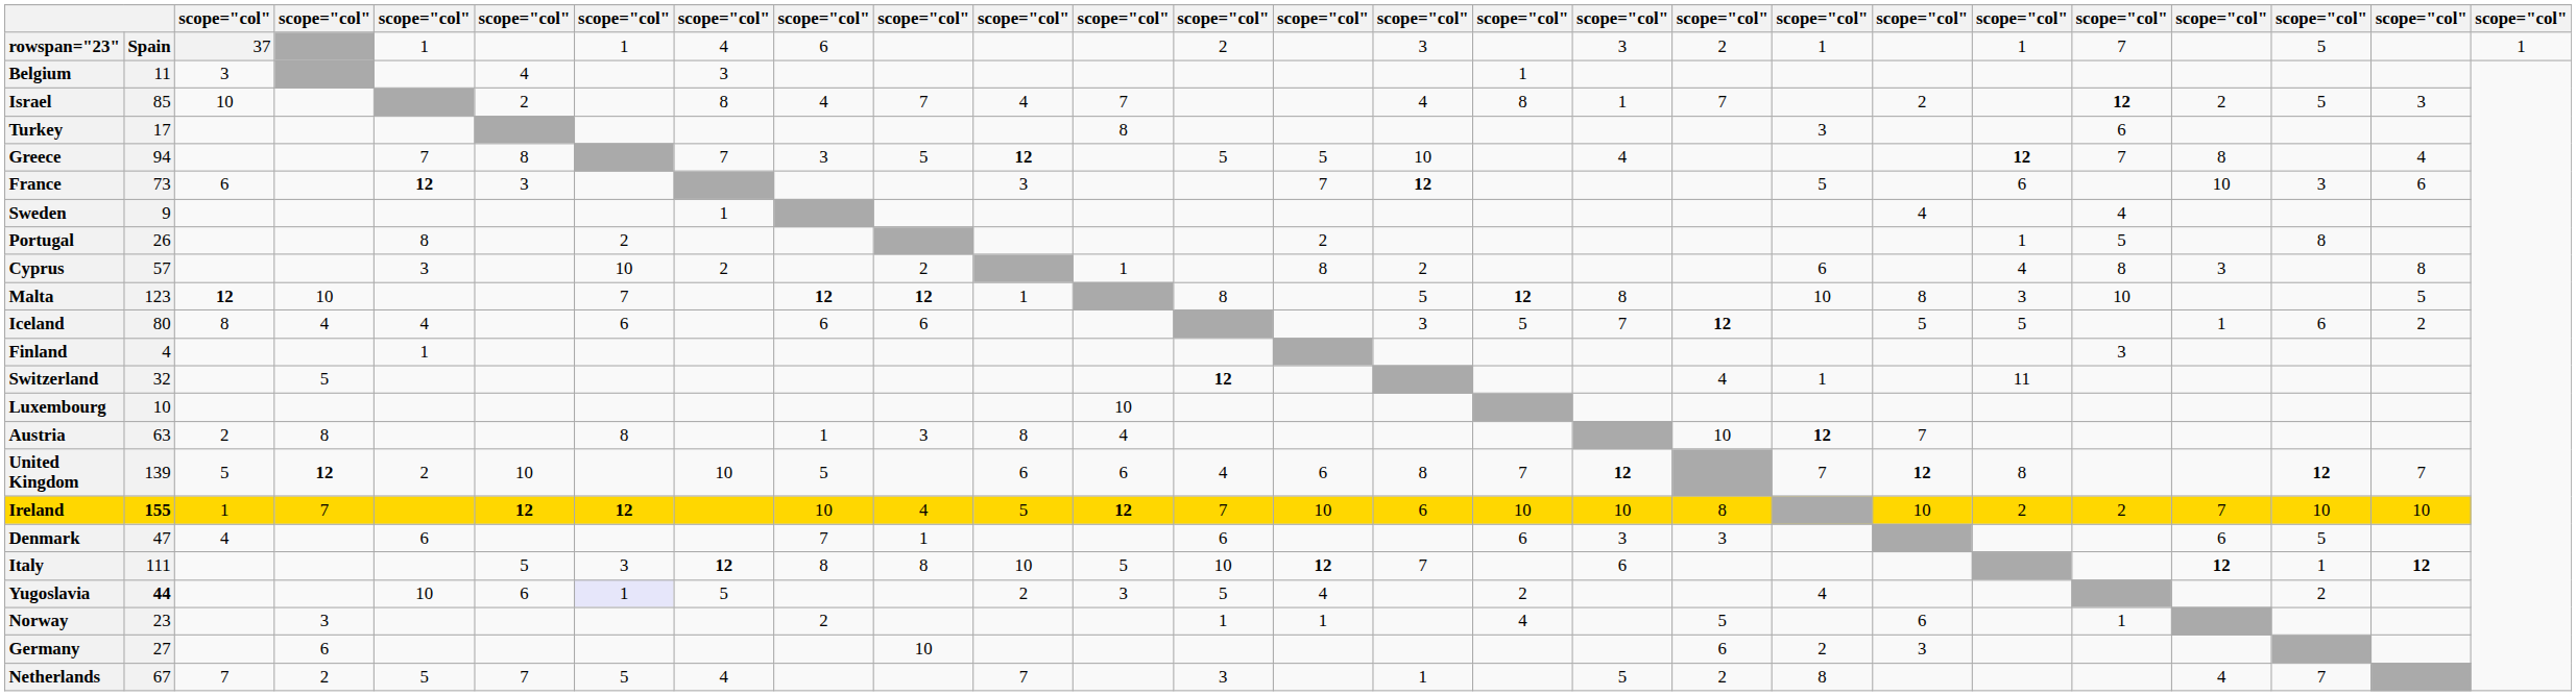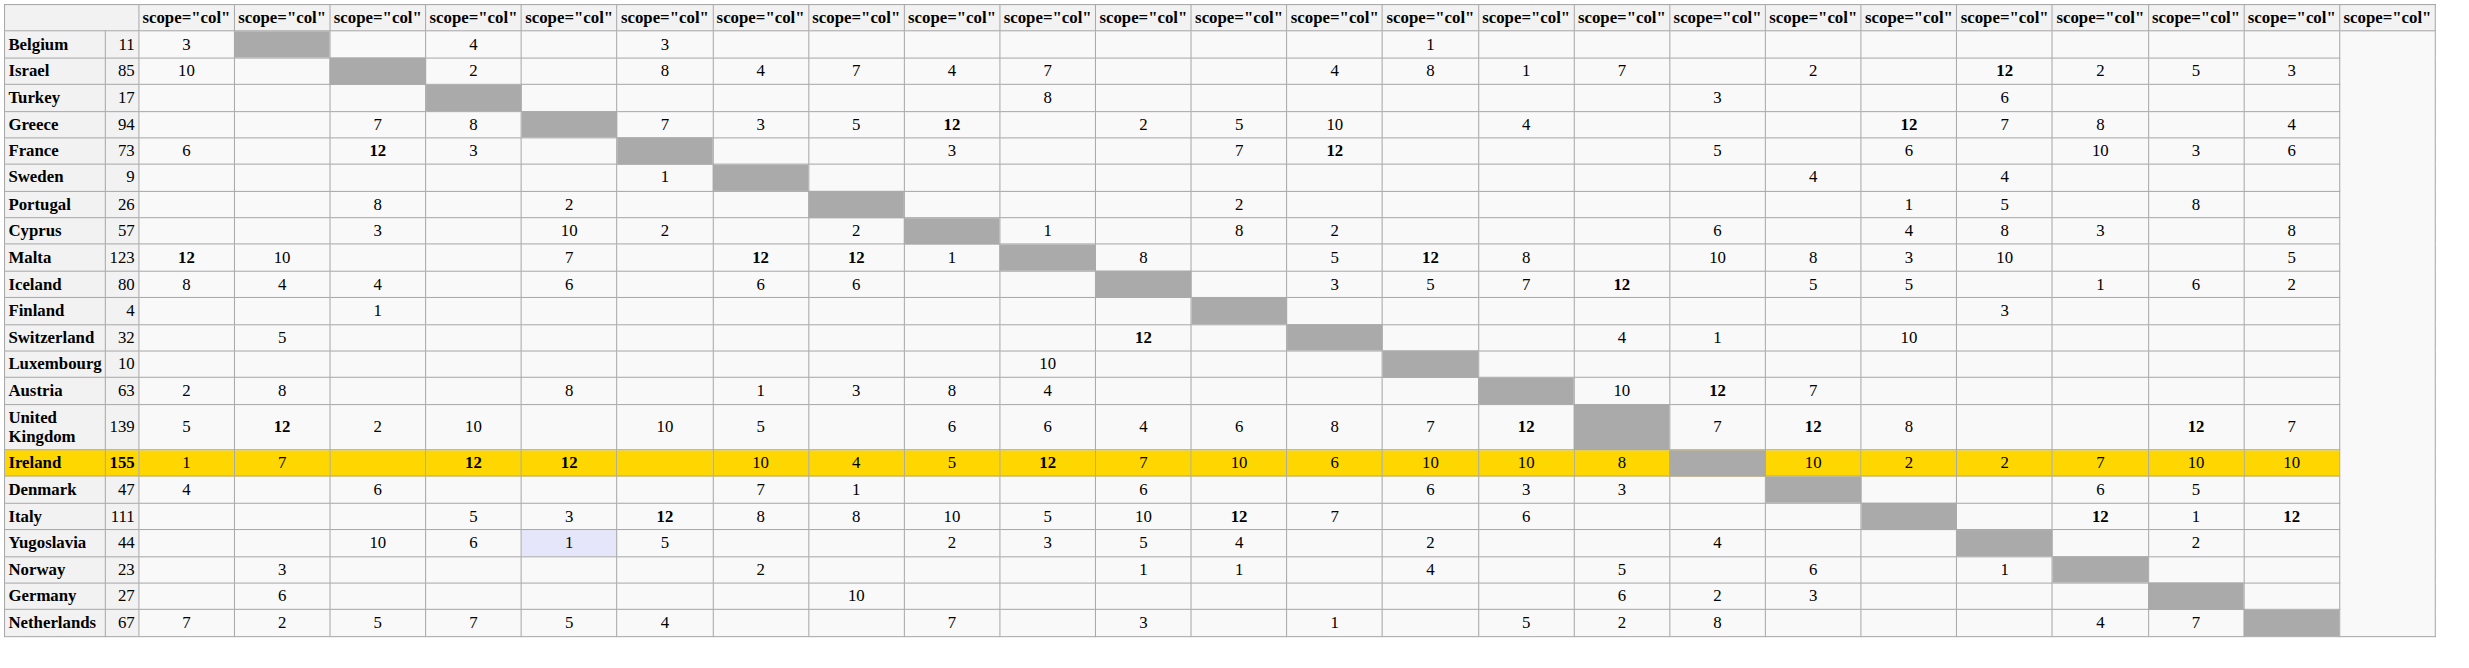 <table class="wikitable plainrowheaders" style="text-align:center;">
 <tr>
 </tr>
 <tr>
 <th colspan="2"></th>
 <th>scope="col" </th>
 <th>scope="col" </th>
 <th>scope="col" </th>
 <th>scope="col" </th>
 <th>scope="col" </th>
 <th>scope="col" </th>
 <th>scope="col" </th>
 <th>scope="col" </th>
 <th>scope="col" </th>
 <th>scope="col" </th>
 <th>scope="col" </th>
 <th>scope="col" </th>
 <th>scope="col" </th>
 <th>scope="col" </th>
 <th>scope="col" </th>
 <th>scope="col" </th>
 <th>scope="col" </th>
 <th>scope="col" </th>
 <th>scope="col" </th>
 <th>scope="col" </th>
 <th>scope="col" </th>
 <th>scope="col" </th>
 <th>scope="col" </th>
 <th>scope="col" </th>
-</tr>
-<tr>
-<th>rowspan="23" </th>
-<th scope="row" style="text-align:left; background:#f2f2f2;">Spain</th>
-<td style="text-align:right; background:#f2f2f2;">37</td>
-<td style="text-align:left; background:#aaa;"></td>
-<td>1</td>
-<td></td>
-<td>1</td>
-<td>4</td>
-<td>6</td>
-<td></td>
-<td></td>
-<td></td>
-<td>2</td>
-<td></td>
-<td>3</td>
-<td></td>
-<td>3</td>
-<td>2</td>
-<td>1</td>
-<td></td>
-<td>1</td>
-<td>7</td>
-<td></td>
-<td>5</td>
-<td></td>
-<td>1</td>
 </tr>
 <tr>
 <th scope="row" style="text-align:left; background:#f2f2f2;">Belgium</th>
 <td style="text-align:right; background:#f2f2f2;">11</td>
 <td>3</td>
 <td style="text-align:left; background:#aaa;"></td>
 <td></td>
 <td>4</td>
 <td></td>
 <td>3</td>
 <td></td>
 <td></td>
 <td></td>
 <td></td>
 <td></td>
 <td></td>
 <td></td>
 <td>1</td>
 <td></td>
 <td></td>
 <td></td>
 <td></td>
 <td></td>
 <td></td>
 <td></td>
 <td></td>
 <td></td>
 </tr>
 <tr>
 <th scope="row" style="text-align:left; background:#f2f2f2;">Israel</th>
 <td style="text-align:right; background:#f2f2f2;">85</td>
 <td>10</td>
 <td></td>
 <td style="text-align:left; background:#aaa;"></td>
 <td>2</td>
 <td></td>
 <td>8</td>
 <td>4</td>
 <td>7</td>
 <td>4</td>
 <td>7</td>
 <td></td>
 <td></td>
 <td>4</td>
 <td>8</td>
 <td>1</td>
 <td>7</td>
 <td></td>
 <td>2</td>
 <td></td>
 <td><strong>12</strong></td>
 <td>2</td>
 <td>5</td>
 <td>3</td>
 </tr>
 <tr>
 <th scope="row" style="text-align:left; background:#f2f2f2;">Turkey</th>
 <td style="text-align:right; background:#f2f2f2;">17</td>
 <td></td>
 <td></td>
 <td></td>
 <td style="text-align:left; background:#aaa;"></td>
 <td></td>
 <td></td>
 <td></td>
 <td></td>
 <td></td>
 <td>8</td>
 <td></td>
 <td></td>
 <td></td>
 <td></td>
 <td></td>
 <td></td>
 <td>3</td>
 <td></td>
 <td></td>
 <td>6</td>
 <td></td>
 <td></td>
 <td></td>
 </tr>
 <tr>
 <th scope="row" style="text-align:left; background:#f2f2f2;">Greece</th>
 <td style="text-align:right; background:#f2f2f2;">94</td>
 <td></td>
 <td></td>
 <td>7</td>
 <td>8</td>
 <td style="text-align:left; background:#aaa;"></td>
 <td>7</td>
 <td>3</td>
 <td>5</td>
 <td><strong>12</strong></td>
 <td></td>
-<td>5</td>
+<td>2</td>
 <td>5</td>
 <td>10</td>
 <td></td>
 <td>4</td>
 <td></td>
 <td></td>
 <td></td>
 <td><strong>12</strong></td>
 <td>7</td>
 <td>8</td>
 <td></td>
 <td>4</td>
 </tr>
 <tr>
 <th scope="row" style="text-align:left; background:#f2f2f2;">France</th>
 <td style="text-align:right; background:#f2f2f2;">73</td>
 <td>6</td>
 <td></td>
 <td><strong>12</strong></td>
 <td>3</td>
 <td></td>
 <td style="text-align:left; background:#aaa;"></td>
 <td></td>
 <td></td>
 <td>3</td>
 <td></td>
 <td></td>
 <td>7</td>
 <td><strong>12</strong></td>
 <td></td>
 <td></td>
 <td></td>
 <td>5</td>
 <td></td>
 <td>6</td>
 <td></td>
 <td>10</td>
 <td>3</td>
 <td>6</td>
 </tr>
 <tr>
 <th scope="row" style="text-align:left; background:#f2f2f2;">Sweden</th>
 <td style="text-align:right; background:#f2f2f2;">9</td>
 <td></td>
 <td></td>
 <td></td>
 <td></td>
 <td></td>
 <td>1</td>
 <td style="text-align:left; background:#aaa;"></td>
 <td></td>
 <td></td>
 <td></td>
 <td></td>
 <td></td>
 <td></td>
 <td></td>
 <td></td>
 <td></td>
 <td></td>
 <td>4</td>
 <td></td>
 <td>4</td>
 <td></td>
 <td></td>
 <td></td>
 </tr>
 <tr>
 <th scope="row" style="text-align:left; background:#f2f2f2;">Portugal</th>
 <td style="text-align:right; background:#f2f2f2;">26</td>
 <td></td>
 <td></td>
 <td>8</td>
 <td></td>
 <td>2</td>
 <td></td>
 <td></td>
 <td style="text-align:left; background:#aaa;"></td>
 <td></td>
 <td></td>
 <td></td>
 <td>2</td>
 <td></td>
 <td></td>
 <td></td>
 <td></td>
 <td></td>
 <td></td>
 <td>1</td>
 <td>5</td>
 <td></td>
 <td>8</td>
 <td></td>
 </tr>
 <tr>
 <th scope="row" style="text-align:left; background:#f2f2f2;">Cyprus</th>
 <td style="text-align:right; background:#f2f2f2;">57</td>
 <td></td>
 <td></td>
 <td>3</td>
 <td></td>
 <td>10</td>
 <td>2</td>
 <td></td>
 <td>2</td>
 <td style="text-align:left; background:#aaa;"></td>
 <td>1</td>
 <td></td>
 <td>8</td>
 <td>2</td>
 <td></td>
 <td></td>
 <td></td>
 <td>6</td>
 <td></td>
 <td>4</td>
 <td>8</td>
 <td>3</td>
 <td></td>
 <td>8</td>
 </tr>
 <tr>
 <th scope="row" style="text-align:left; background:#f2f2f2;">Malta</th>
 <td style="text-align:right; background:#f2f2f2;">123</td>
 <td><strong>12</strong></td>
 <td>10</td>
 <td></td>
 <td></td>
 <td>7</td>
 <td></td>
 <td><strong>12</strong></td>
 <td><strong>12</strong></td>
 <td>1</td>
 <td style="text-align:left; background:#aaa;"></td>
 <td>8</td>
 <td></td>
 <td>5</td>
 <td><strong>12</strong></td>
 <td>8</td>
 <td></td>
 <td>10</td>
 <td>8</td>
 <td>3</td>
 <td>10</td>
 <td></td>
 <td></td>
 <td>5</td>
 </tr>
 <tr>
 <th scope="row" style="text-align:left; background:#f2f2f2;">Iceland</th>
 <td style="text-align:right; background:#f2f2f2;">80</td>
 <td>8</td>
 <td>4</td>
 <td>4</td>
 <td></td>
 <td>6</td>
 <td></td>
 <td>6</td>
 <td>6</td>
 <td></td>
 <td></td>
 <td style="text-align:left; background:#aaa;"></td>
 <td></td>
 <td>3</td>
 <td>5</td>
 <td>7</td>
 <td><strong>12</strong></td>
 <td></td>
 <td>5</td>
 <td>5</td>
 <td></td>
 <td>1</td>
 <td>6</td>
 <td>2</td>
 </tr>
 <tr>
 <th scope="row" style="text-align:left; background:#f2f2f2;">Finland</th>
 <td style="text-align:right; background:#f2f2f2;">4</td>
 <td></td>
 <td></td>
 <td>1</td>
 <td></td>
 <td></td>
 <td></td>
 <td></td>
 <td></td>
 <td></td>
 <td></td>
 <td></td>
 <td style="text-align:left; background:#aaa;"></td>
 <td></td>
 <td></td>
 <td></td>
 <td></td>
 <td></td>
 <td></td>
 <td></td>
 <td>3</td>
 <td></td>
 <td></td>
 <td></td>
 </tr>
 <tr>
 <th scope="row" style="text-align:left; background:#f2f2f2;">Switzerland</th>
 <td style="text-align:right; background:#f2f2f2;">32</td>
 <td></td>
 <td>5</td>
 <td></td>
 <td></td>
 <td></td>
 <td></td>
 <td></td>
 <td></td>
 <td></td>
 <td></td>
 <td><strong>12</strong></td>
 <td></td>
 <td style="text-align:left; background:#aaa;"></td>
 <td></td>
 <td></td>
 <td>4</td>
 <td>1</td>
 <td></td>
-<td>11</td>
+<td>10</td>
 <td></td>
 <td></td>
 <td></td>
 <td></td>
 </tr>
 <tr>
 <th scope="row" style="text-align:left; background:#f2f2f2;">Luxembourg</th>
 <td style="text-align:right; background:#f2f2f2;">10</td>
 <td></td>
 <td></td>
 <td></td>
 <td></td>
 <td></td>
 <td></td>
 <td></td>
 <td></td>
 <td></td>
 <td>10</td>
 <td></td>
 <td></td>
 <td></td>
 <td style="text-align:left; background:#aaa;"></td>
 <td></td>
 <td></td>
 <td></td>
 <td></td>
 <td></td>
 <td></td>
 <td></td>
 <td></td>
 <td></td>
 </tr>
 <tr>
 <th scope="row" style="text-align:left; background:#f2f2f2;">Austria</th>
 <td style="text-align:right; background:#f2f2f2;">63</td>
 <td>2</td>
 <td>8</td>
 <td></td>
 <td></td>
 <td>8</td>
 <td></td>
 <td>1</td>
 <td>3</td>
 <td>8</td>
 <td>4</td>
 <td></td>
 <td></td>
 <td></td>
 <td></td>
 <td style="text-align:left; background:#aaa;"></td>
 <td>10</td>
 <td><strong>12</strong></td>
 <td>7</td>
 <td></td>
 <td></td>
 <td></td>
 <td></td>
 <td></td>
 </tr>
 <tr>
 <th scope="row" style="text-align:left; background:#f2f2f2;">United Kingdom</th>
 <td style="text-align:right; background:#f2f2f2;">139</td>
 <td>5</td>
 <td><strong>12</strong></td>
 <td>2</td>
 <td>10</td>
 <td></td>
 <td>10</td>
 <td>5</td>
 <td></td>
 <td>6</td>
 <td>6</td>
 <td>4</td>
 <td>6</td>
 <td>8</td>
 <td>7</td>
 <td><strong>12</strong></td>
 <td style="text-align:left; background:#aaa;"></td>
 <td>7</td>
 <td><strong>12</strong></td>
 <td>8</td>
 <td></td>
 <td></td>
 <td><strong>12</strong></td>
 <td>7</td>
 </tr>
 <tr style="background:gold;">
 <th scope="row" style="text-align:left; font-weight:bold; background:gold;">Ireland</th>
 <td style="text-align:right; font-weight:bold;">155</td>
 <td>1</td>
 <td>7</td>
 <td></td>
 <td><strong>12</strong></td>
 <td><strong>12</strong></td>
 <td></td>
 <td>10</td>
 <td>4</td>
 <td>5</td>
 <td><strong>12</strong></td>
 <td>7</td>
 <td>10</td>
 <td>6</td>
 <td>10</td>
 <td>10</td>
 <td>8</td>
 <td style="text-align:left; background:#aaa;"></td>
 <td>10</td>
 <td>2</td>
 <td>2</td>
 <td>7</td>
 <td>10</td>
 <td>10</td>
 </tr>
 <tr>
 <th scope="row" style="text-align:left; background:#f2f2f2;">Denmark</th>
 <td style="text-align:right; background:#f2f2f2;">47</td>
 <td>4</td>
 <td></td>
 <td>6</td>
 <td></td>
 <td></td>
 <td></td>
 <td>7</td>
 <td>1</td>
 <td></td>
 <td></td>
 <td>6</td>
 <td></td>
 <td></td>
 <td>6</td>
 <td>3</td>
 <td>3</td>
 <td></td>
 <td style="text-align:left; background:#aaa;"></td>
 <td></td>
 <td></td>
 <td>6</td>
 <td>5</td>
 <td></td>
 </tr>
 <tr>
 <th scope="row" style="text-align:left; background:#f2f2f2;">Italy</th>
 <td style="text-align:right; background:#f2f2f2;">111</td>
 <td></td>
 <td></td>
 <td></td>
 <td>5</td>
 <td>3</td>
 <td><strong>12</strong></td>
 <td>8</td>
 <td>8</td>
 <td>10</td>
 <td>5</td>
 <td>10</td>
 <td><strong>12</strong></td>
 <td>7</td>
 <td></td>
 <td>6</td>
 <td></td>
 <td></td>
 <td></td>
 <td style="text-align:left; background:#aaa;"></td>
 <td></td>
 <td><strong>12</strong></td>
 <td>1</td>
 <td><strong>12</strong></td>
 </tr>
 <tr>
 <th scope="row" style="text-align:left; background:#f2f2f2;">Yugoslavia</th>
-<td style="text-align:right; background:#f2f2f2;"><strong>44</strong></td>
+<td style="text-align:right; background:#f2f2f2;">44</td>
 <td></td>
 <td></td>
 <td>10</td>
 <td>6</td>
 <td style="background: lavender;">1</td>
 <td>5</td>
 <td></td>
 <td></td>
 <td>2</td>
 <td>3</td>
 <td>5</td>
 <td>4</td>
 <td></td>
 <td>2</td>
 <td></td>
 <td></td>
 <td>4</td>
 <td></td>
 <td></td>
 <td style="text-align:left; background:#aaa;"></td>
 <td></td>
 <td>2</td>
 <td></td>
 </tr>
 <tr>
 <th scope="row" style="text-align:left; background:#f2f2f2;">Norway</th>
 <td style="text-align:right; background:#f2f2f2;">23</td>
 <td></td>
 <td>3</td>
 <td></td>
 <td></td>
 <td></td>
 <td></td>
 <td>2</td>
 <td></td>
 <td></td>
 <td></td>
 <td>1</td>
 <td>1</td>
 <td></td>
 <td>4</td>
 <td></td>
 <td>5</td>
 <td></td>
 <td>6</td>
 <td></td>
 <td>1</td>
 <td style="text-align:left; background:#aaa;"></td>
 <td></td>
 <td></td>
 </tr>
 <tr>
 <th scope="row" style="text-align:left; background:#f2f2f2;">Germany</th>
 <td style="text-align:right; background:#f2f2f2;">27</td>
 <td></td>
 <td>6</td>
 <td></td>
 <td></td>
 <td></td>
 <td></td>
 <td></td>
 <td>10</td>
 <td></td>
 <td></td>
 <td></td>
 <td></td>
 <td></td>
 <td></td>
 <td></td>
 <td>6</td>
 <td>2</td>
 <td>3</td>
 <td></td>
 <td></td>
 <td></td>
 <td style="text-align:left; background:#aaa;"></td>
 <td></td>
 </tr>
 <tr>
 <th scope="row" style="text-align:left; background:#f2f2f2;">Netherlands</th>
 <td style="text-align:right; background:#f2f2f2;">67</td>
 <td>7</td>
 <td>2</td>
 <td>5</td>
 <td>7</td>
 <td>5</td>
 <td>4</td>
 <td></td>
 <td></td>
 <td>7</td>
 <td></td>
 <td>3</td>
 <td></td>
 <td>1</td>
 <td></td>
 <td>5</td>
 <td>2</td>
 <td>8</td>
 <td></td>
 <td></td>
 <td></td>
 <td>4</td>
 <td>7</td>
 <td style="text-align:left; background:#aaa;"></td>
 </tr>
 </table>
